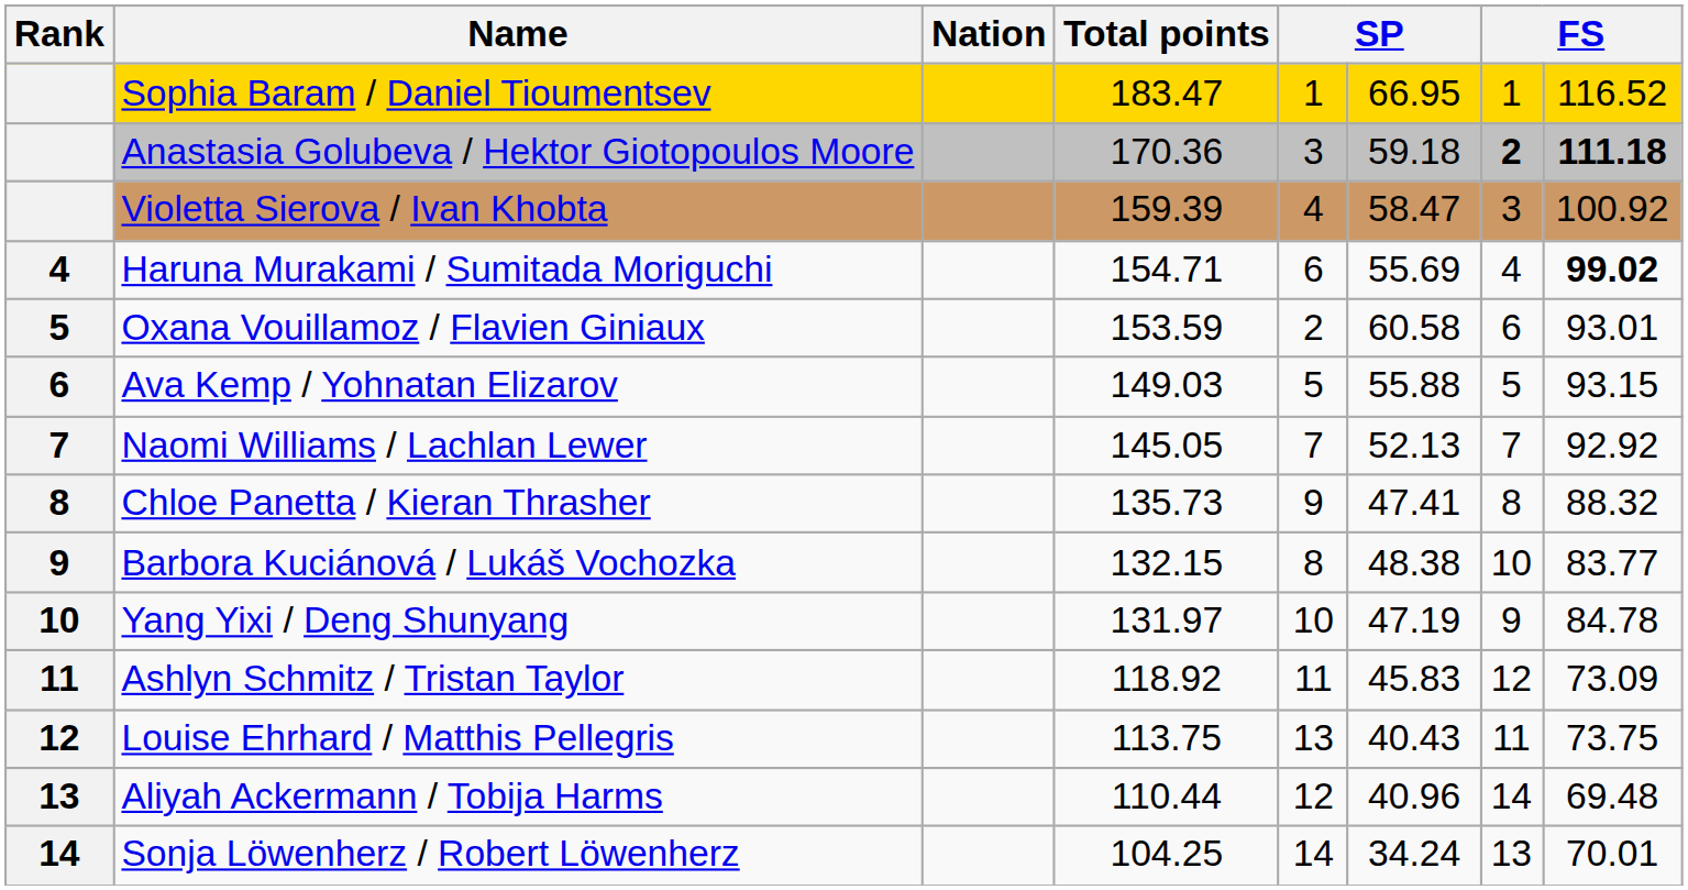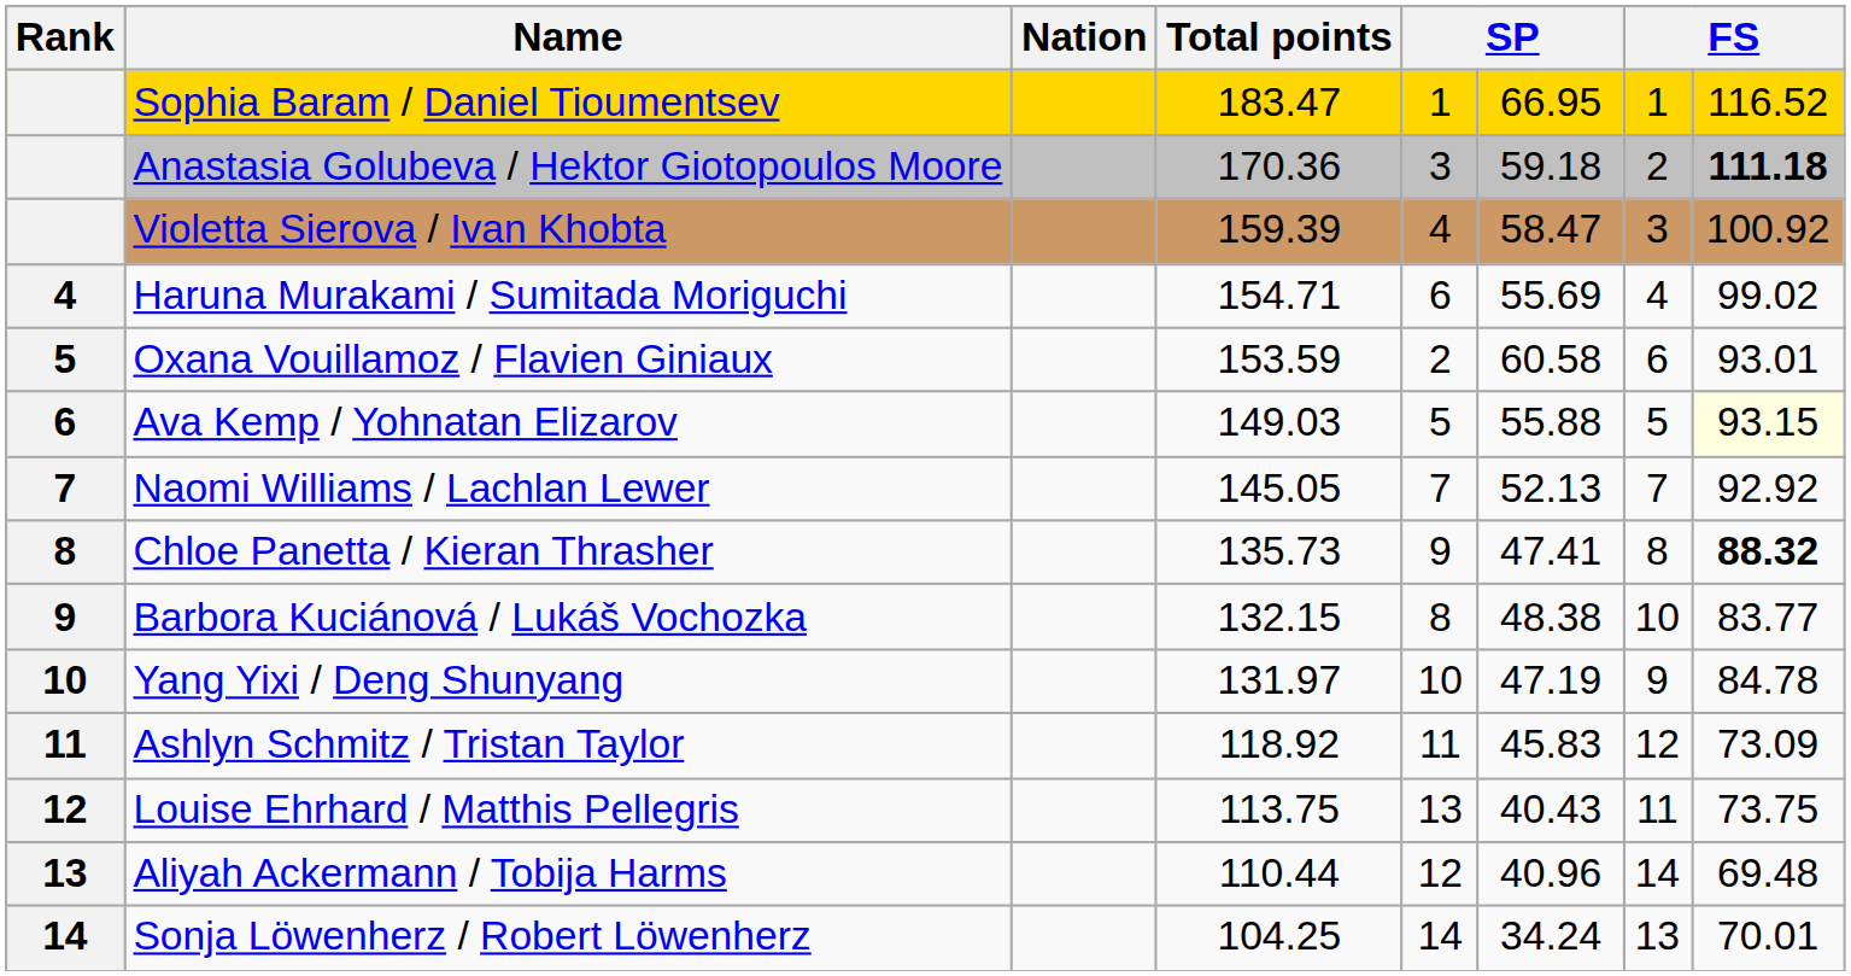 <table class="wikitable sortable" style="text-align:left;">
 <tr>
 <th scope="col">Rank</th>
 <th scope="col">Name</th>
 <th scope="col">Nation</th>
 <th scope="col">Total points</th>
 <th colspan="2" width="80px"><a href='#'>SP</a></th>
 <th colspan="2" width="80px"><a href='#'>FS</a></th>
 </tr>
 <tr bgcolor="gold">
 <th scope="row"><strong></strong></th>
 <td style="text-align:left"><a href='#'>Sophia Baram</a> / <a href='#'>Daniel Tioumentsev</a></td>
 <td style="text-align:left"></td>
 <td align="center">183.47</td>
 <td align="center">1</td>
 <td align="center">66.95</td>
 <td align="center">1</td>
 <td align="center">116.52</td>
 </tr>
 <tr bgcolor="silver">
 <th scope="row"><strong></strong></th>
 <td style="text-align:left"><a href='#'>Anastasia Golubeva</a> / <a href='#'>Hektor Giotopoulos Moore</a></td>
 <td style="text-align:left"></td>
 <td align="center">170.36</td>
 <td align="center">3</td>
 <td align="center">59.18</td>
-<td align="center"><strong>2</strong></td>
+<td align="center">2</td>
 <td align="center"><strong>111.18</strong></td>
 </tr>
 <tr bgcolor="#cc9966">
 <th scope="row"><strong></strong></th>
 <td style="text-align:left"><a href='#'>Violetta Sierova</a> / <a href='#'>Ivan Khobta</a></td>
 <td style="text-align:left"></td>
 <td align="center">159.39</td>
 <td align="center">4</td>
 <td align="center">58.47</td>
 <td align="center">3</td>
 <td align="center">100.92</td>
 </tr>
 <tr>
 <th scope="row">4</th>
 <td style="text-align:left"><a href='#'>Haruna Murakami</a> / <a href='#'>Sumitada Moriguchi</a></td>
 <td style="text-align:left"></td>
 <td align="center">154.71</td>
 <td align="center">6</td>
 <td align="center">55.69</td>
 <td align="center">4</td>
-<td align="center"><strong>99.02</strong></td>
+<td align="center">99.02</td>
 </tr>
 <tr>
 <th scope="row">5</th>
 <td style="text-align:left"><a href='#'>Oxana Vouillamoz</a> / <a href='#'>Flavien Giniaux</a></td>
 <td style="text-align:left"></td>
 <td align="center">153.59</td>
 <td align="center">2</td>
 <td align="center">60.58</td>
 <td align="center">6</td>
 <td align="center">93.01</td>
 </tr>
 <tr>
 <th scope="row">6</th>
 <td style="text-align:left"><a href='#'>Ava Kemp</a> / <a href='#'>Yohnatan Elizarov</a></td>
 <td style="text-align:left"></td>
 <td align="center">149.03</td>
 <td align="center">5</td>
 <td align="center">55.88</td>
 <td align="center">5</td>
-<td align="center">93.15</td>
+<td align="center" style="background: lightyellow;">93.15</td>
 </tr>
 <tr>
 <th scope="row">7</th>
 <td style="text-align:left"><a href='#'>Naomi Williams</a> / <a href='#'>Lachlan Lewer</a></td>
 <td style="text-align:left"></td>
 <td align="center">145.05</td>
 <td align="center">7</td>
 <td align="center">52.13</td>
 <td align="center">7</td>
 <td align="center">92.92</td>
 </tr>
 <tr>
 <th scope="row">8</th>
 <td style="text-align:left"><a href='#'>Chloe Panetta</a> / <a href='#'>Kieran Thrasher</a></td>
 <td style="text-align:left"></td>
 <td align="center">135.73</td>
 <td align="center">9</td>
 <td align="center">47.41</td>
 <td align="center">8</td>
-<td align="center">88.32</td>
+<td align="center"><strong>88.32</strong></td>
 </tr>
 <tr>
 <th scope="row">9</th>
 <td style="text-align:left"><a href='#'>Barbora Kuciánová</a> / <a href='#'>Lukáš Vochozka</a></td>
 <td style="text-align:left"></td>
 <td align="center">132.15</td>
 <td align="center">8</td>
 <td align="center">48.38</td>
 <td align="center">10</td>
 <td align="center">83.77</td>
 </tr>
 <tr>
 <th scope="row">10</th>
 <td style="text-align:left"><a href='#'>Yang Yixi</a> / <a href='#'>Deng Shunyang</a></td>
 <td style="text-align:left"></td>
 <td align="center">131.97</td>
 <td align="center">10</td>
 <td align="center">47.19</td>
 <td align="center">9</td>
 <td align="center">84.78</td>
 </tr>
 <tr>
 <th scope="row">11</th>
 <td style="text-align:left"><a href='#'>Ashlyn Schmitz</a> / <a href='#'>Tristan Taylor</a></td>
 <td style="text-align:left"></td>
 <td align="center">118.92</td>
 <td align="center">11</td>
 <td align="center">45.83</td>
 <td align="center">12</td>
 <td align="center">73.09</td>
 </tr>
 <tr>
 <th scope="row">12</th>
 <td style="text-align:left"><a href='#'>Louise Ehrhard</a> / <a href='#'>Matthis Pellegris</a></td>
 <td style="text-align:left"></td>
 <td align="center">113.75</td>
 <td align="center">13</td>
 <td align="center">40.43</td>
 <td align="center">11</td>
 <td align="center">73.75</td>
 </tr>
 <tr>
 <th scope="row">13</th>
 <td style="text-align:left"><a href='#'>Aliyah Ackermann</a> / <a href='#'>Tobija Harms</a></td>
 <td style="text-align:left"></td>
 <td align="center">110.44</td>
 <td align="center">12</td>
 <td align="center">40.96</td>
 <td align="center">14</td>
 <td align="center">69.48</td>
 </tr>
 <tr>
 <th scope="row">14</th>
 <td style="text-align:left"><a href='#'>Sonja Löwenherz</a> / <a href='#'>Robert Löwenherz</a></td>
 <td style="text-align:left"></td>
 <td align="center">104.25</td>
 <td align="center">14</td>
 <td align="center">34.24</td>
 <td align="center">13</td>
 <td align="center">70.01</td>
 </tr>
 </table>
